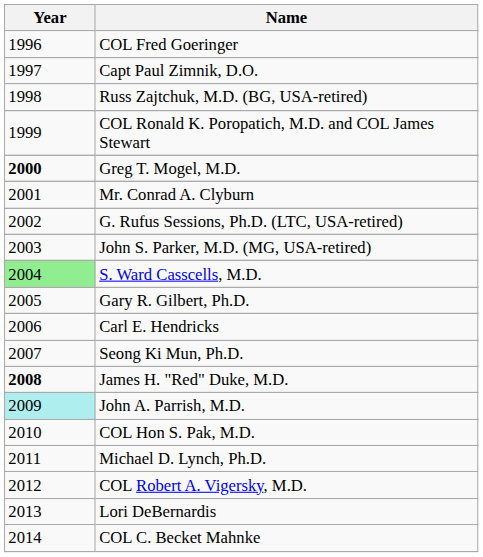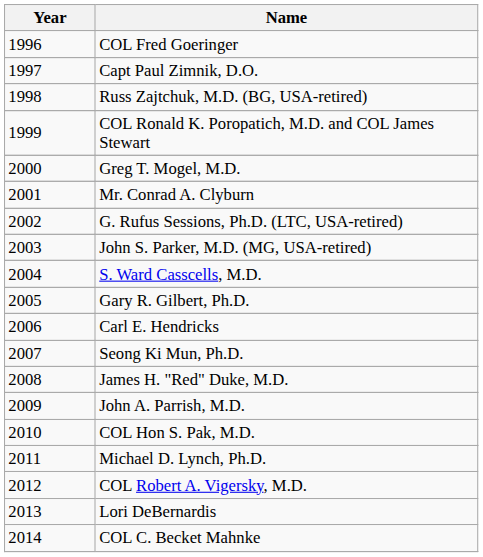 <table class="wikitable sortable" border="1" style="align:left;">
 <tr>
 <th width="80">Year</th>
 <th width="360" class="unsortable">Name</th>
 </tr>
 <tr>
 </tr>
 <tr>
 <td>1996</td>
 <td>COL Fred Goeringer</td>
 </tr>
 <tr>
 </tr>
 <tr>
 <td>1997</td>
 <td>Capt Paul Zimnik, D.O.</td>
 </tr>
 <tr>
 </tr>
 <tr>
 <td>1998</td>
 <td>Russ Zajtchuk, M.D. (BG, USA-retired)</td>
 </tr>
 <tr>
 </tr>
 <tr>
 <td>1999</td>
 <td>COL Ronald K. Poropatich, M.D. and COL James Stewart</td>
 </tr>
 <tr>
 </tr>
 <tr>
-<td><strong>2000</strong></td>
+<td>2000</td>
 <td>Greg T. Mogel, M.D.</td>
 </tr>
 <tr>
 </tr>
 <tr>
 <td>2001</td>
 <td>Mr. Conrad A. Clyburn</td>
 </tr>
 <tr>
 </tr>
 <tr>
 <td>2002</td>
 <td>G. Rufus Sessions, Ph.D. (LTC, USA-retired)</td>
 </tr>
 <tr>
 </tr>
 <tr>
 <td>2003</td>
 <td>John S. Parker, M.D. (MG, USA-retired)</td>
 </tr>
 <tr>
 </tr>
 <tr>
-<td style="background: lightgreen;">2004</td>
+<td>2004</td>
 <td><a href='#'>S. Ward Casscells</a>, M.D.</td>
 </tr>
 <tr>
 </tr>
 <tr>
 <td>2005</td>
 <td>Gary R. Gilbert, Ph.D.</td>
 </tr>
 <tr>
 </tr>
 <tr>
 <td>2006</td>
 <td>Carl E. Hendricks</td>
 </tr>
 <tr>
 </tr>
 <tr>
 <td>2007</td>
 <td>Seong Ki Mun, Ph.D.</td>
 </tr>
 <tr>
 </tr>
 <tr>
-<td><strong>2008</strong></td>
+<td>2008</td>
 <td>James H. "Red" Duke, M.D.</td>
 </tr>
 <tr>
 </tr>
 <tr>
-<td style="background: paleturquoise;">2009</td>
+<td>2009</td>
 <td>John A. Parrish, M.D.</td>
 </tr>
 <tr>
 </tr>
 <tr>
 <td>2010</td>
 <td>COL Hon S. Pak, M.D.</td>
 </tr>
 <tr>
 </tr>
 <tr>
 <td>2011</td>
 <td>Michael D. Lynch, Ph.D.</td>
 </tr>
 <tr>
 <td>2012</td>
 <td>COL <a href='#'>Robert A. Vigersky</a>, M.D.</td>
 </tr>
 <tr>
 <td>2013</td>
 <td>Lori DeBernardis</td>
 </tr>
 <tr>
 <td>2014</td>
 <td>COL C. Becket Mahnke</td>
 </tr>
 <tr>
 </tr>
 </table>
